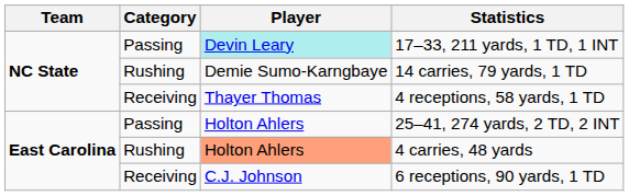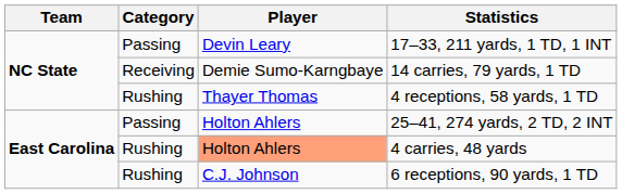 <table class="wikitable" style="float: left;">
 <tr>
 <th>Team</th>
 <th>Category</th>
 <th>Player</th>
 <th>Statistics</th>
 </tr>
 <tr>
 <td rowspan=3><strong>NC State</strong></td>
 <td>Passing</td>
-<td style="background: paleturquoise;"><a href='#'>Devin Leary</a></td>
+<td><a href='#'>Devin Leary</a></td>
 <td>17–33, 211 yards, 1 TD, 1 INT</td>
 </tr>
 <tr>
-<td>Rushing</td>
+<td>Receiving</td>
 <td>Demie Sumo-Karngbaye</td>
 <td>14 carries, 79 yards, 1 TD</td>
 </tr>
 <tr>
-<td>Receiving</td>
+<td>Rushing</td>
 <td><a href='#'>Thayer Thomas</a></td>
 <td>4 receptions, 58 yards, 1 TD</td>
 </tr>
 <tr>
 <td rowspan=3><strong>East Carolina</strong></td>
 <td>Passing</td>
 <td><a href='#'>Holton Ahlers</a></td>
 <td>25–41, 274 yards, 2 TD, 2 INT</td>
 </tr>
 <tr>
 <td>Rushing</td>
 <td style="background: lightsalmon;">Holton Ahlers</td>
 <td>4 carries, 48 yards</td>
 </tr>
 <tr>
-<td>Receiving</td>
+<td>Rushing</td>
 <td><a href='#'>C.J. Johnson</a></td>
 <td>6 receptions, 90 yards, 1 TD</td>
 </tr>
 </table>
